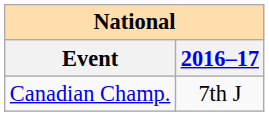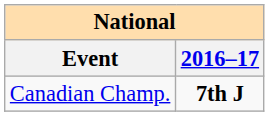 <table class="wikitable" style="text-align:center">
 <tr>
 <th colspan="2" style="background-color: #ffdead; " align="center">National</th>
 </tr>
 <tr>
 <th>Event</th>
 <th><a href='#'>2016–17</a></th>
 </tr>
 <tr>
 <td align=left><a href='#'>Canadian Champ.</a></td>
-<td>7th J</td>
+<td><strong>7th J</strong></td>
 </tr>
 </table>
